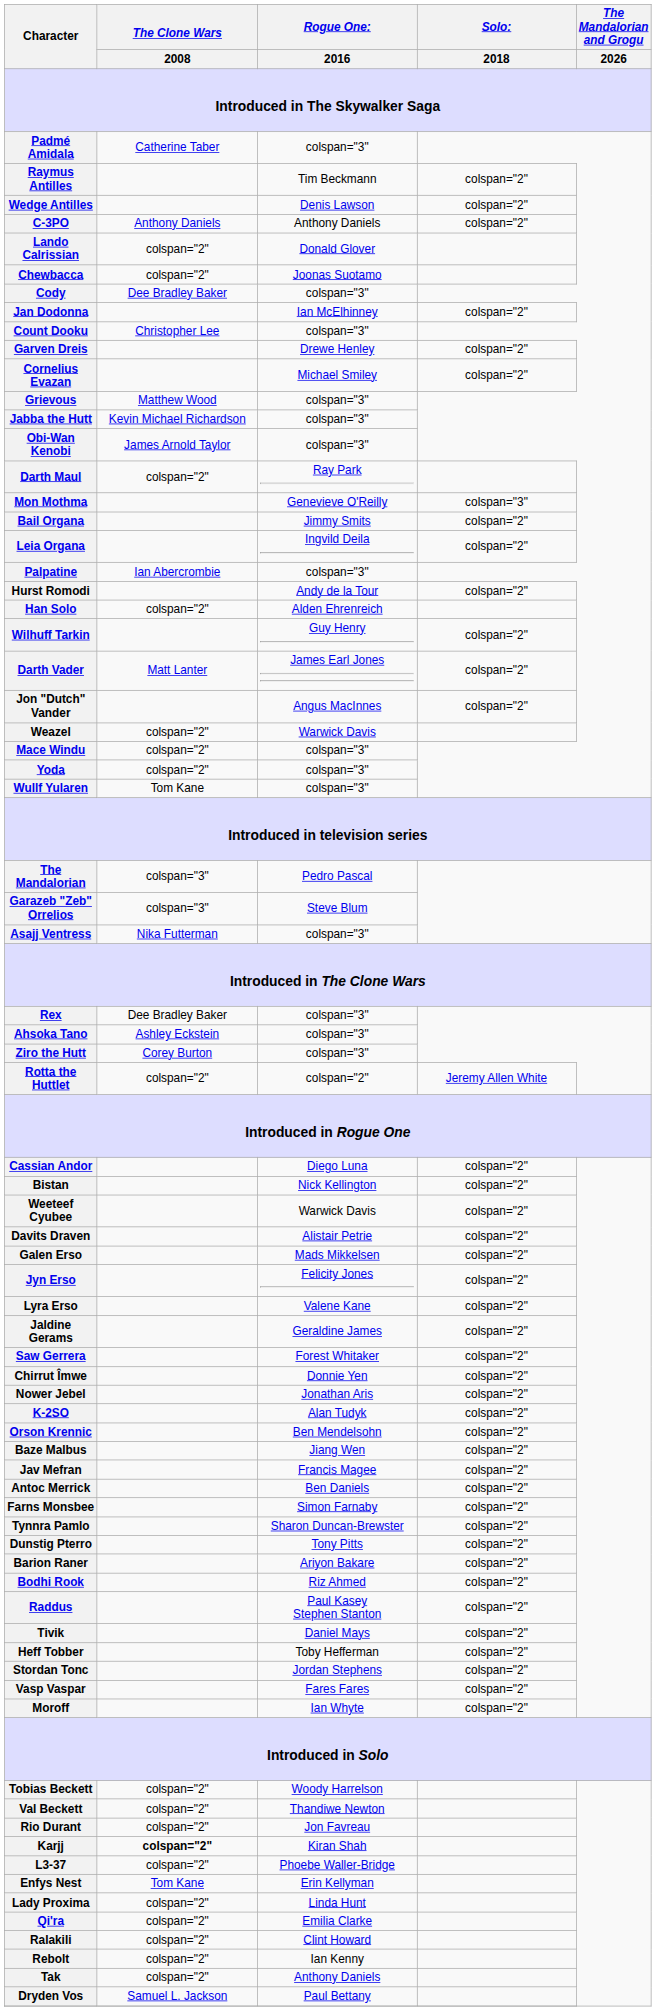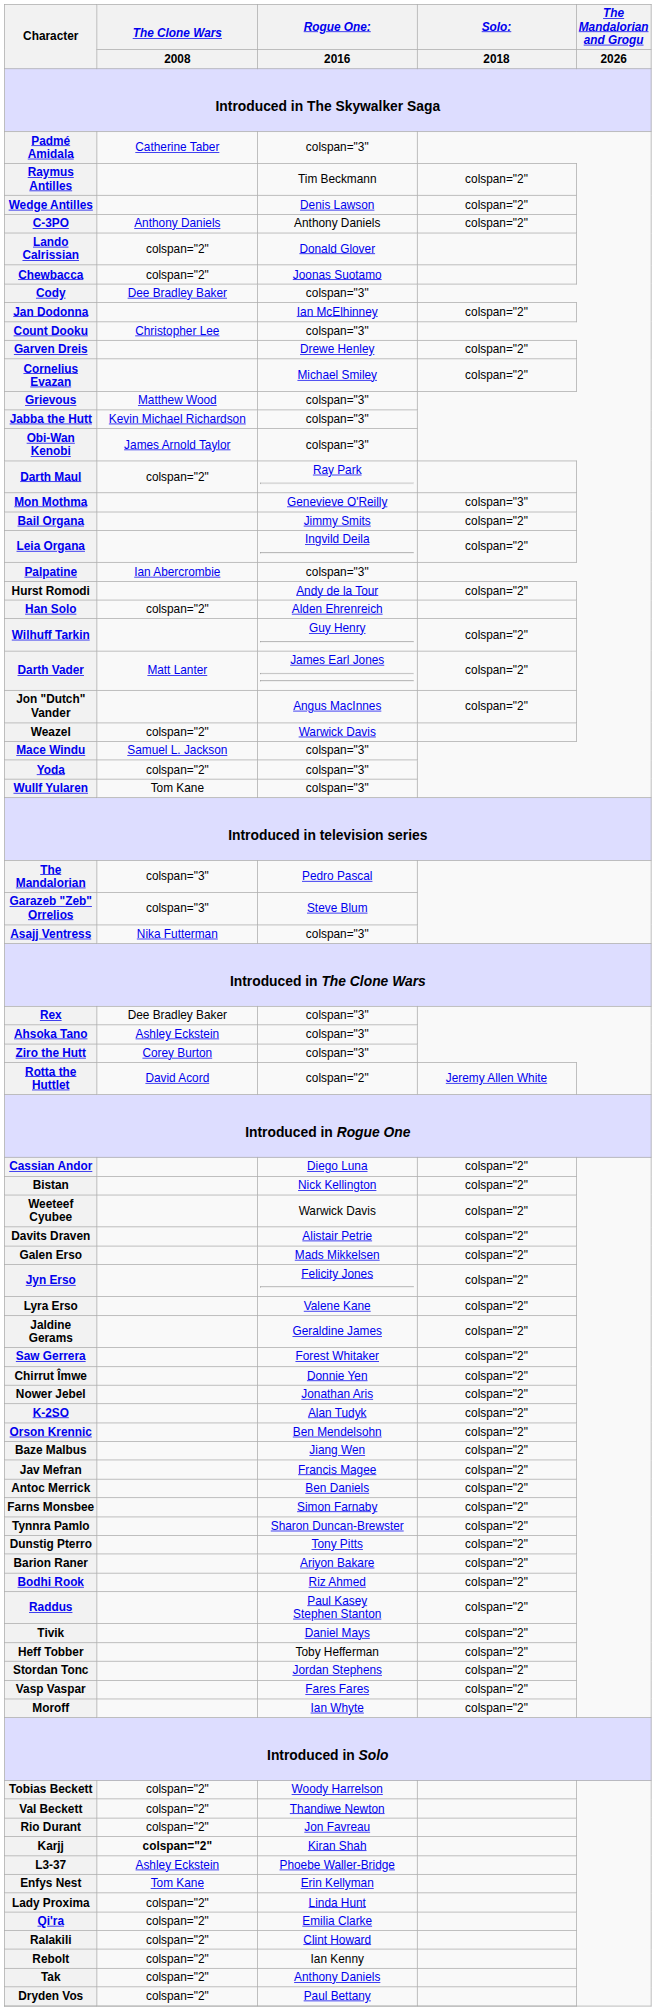 <table class="wikitable" style="text-align:center; width:99%;">
 <tr>
 <th rowspan="2" style="width:15%;">Character</th>
 <th style="width:28%;"><em><a href='#'><br>The Clone Wars</a></em></th>
 <th style="width:28%;"><em><a href='#'>Rogue One:<br></a></em></th>
 <th style="width:28%;"><em><a href='#'>Solo:<br></a></em></th>
 <th style="width:28%;"><em><a href='#'>The Mandalorian and Grogu</a></em></th>
 </tr>
 <tr>
 <th>2008</th>
 <th>2016</th>
 <th>2018</th>
 <th>2026</th>
 </tr>
 <tr>
 <th scope="row" colspan="5" style="background-color:#ddf;"><br><h3>Introduced in The Skywalker Saga</h3></th>
 </tr>
 <tr>
 <th scope="row"><a href='#'>Padmé Amidala</a></th>
 <td><a href='#'>Catherine Taber</a></td>
 <td>colspan="3" </td>
 </tr>
 <tr>
 <th scope="row"><a href='#'>Raymus Antilles</a></th>
 <td></td>
 <td>Tim Beckmann</td>
 <td>colspan="2" </td>
 </tr>
 <tr>
 <th scope="row"><a href='#'>Wedge Antilles</a></th>
 <td></td>
 <td><a href='#'>Denis Lawson</a></td>
 <td>colspan="2" </td>
 </tr>
 <tr>
 <th scope="row"><a href='#'>C-3PO</a> </th>
 <td><a href='#'>Anthony Daniels</a></td>
 <td>Anthony Daniels</td>
 <td>colspan="2" </td>
 </tr>
 <tr>
 <th scope="row"><a href='#'>Lando Calrissian</a></th>
 <td>colspan="2" </td>
 <td><a href='#'>Donald Glover</a></td>
 <td></td>
 </tr>
 <tr>
 <th scope="row"><a href='#'>Chewbacca</a></th>
 <td>colspan="2" </td>
 <td><a href='#'>Joonas Suotamo</a></td>
 <td></td>
 </tr>
 <tr>
 <th scope="row"><a href='#'>Cody</a></th>
 <td><a href='#'>Dee Bradley Baker</a></td>
 <td>colspan="3" </td>
 </tr>
 <tr>
 <th scope="row"><a href='#'>Jan Dodonna</a></th>
 <td></td>
 <td><a href='#'>Ian McElhinney</a></td>
 <td>colspan="2" </td>
 </tr>
 <tr>
 <th scope="row"><a href='#'>Count Dooku<br></a></th>
 <td><a href='#'>Christopher Lee</a></td>
 <td>colspan="3" </td>
 </tr>
 <tr>
 <th scope="row"><a href='#'>Garven Dreis</a></th>
 <td></td>
 <td><a href='#'>Drewe Henley</a></td>
 <td>colspan="2" </td>
 </tr>
 <tr>
 <th scope="row"><a href='#'>Cornelius Evazan</a></th>
 <td></td>
 <td><a href='#'>Michael Smiley</a></td>
 <td>colspan="2" </td>
 </tr>
 <tr>
 <th scope="row"><a href='#'>Grievous</a></th>
 <td><a href='#'>Matthew Wood</a></td>
 <td>colspan="3" </td>
 </tr>
 <tr>
 <th scope="row"><a href='#'>Jabba the Hutt</a></th>
 <td><a href='#'>Kevin Michael Richardson</a></td>
 <td>colspan="3" </td>
 </tr>
 <tr>
 <th scope="row"><a href='#'>Obi-Wan Kenobi</a></th>
 <td><a href='#'>James Arnold Taylor</a></td>
 <td>colspan="3" </td>
 </tr>
 <tr>
 <th scope="row"><a href='#'>Darth Maul</a></th>
 <td>colspan="2" </td>
 <td><a href='#'>Ray Park</a><hr></td>
 <td></td>
 </tr>
 <tr>
 <th scope="row"><a href='#'>Mon Mothma</a></th>
 <td></td>
 <td><a href='#'>Genevieve O'Reilly</a></td>
 <td>colspan="3" </td>
 </tr>
 <tr>
 <th scope="row"><a href='#'>Bail Organa</a></th>
 <td></td>
 <td><a href='#'>Jimmy Smits</a></td>
 <td>colspan="2" </td>
 </tr>
 <tr>
 <th scope="row"><a href='#'>Leia Organa</a> </th>
 <td></td>
 <td><a href='#'>Ingvild Deila</a><hr></td>
 <td>colspan="2" </td>
 </tr>
 <tr>
 <th scope="row"><a href='#'>Palpatine<br></a></th>
 <td><a href='#'>Ian Abercrombie</a></td>
 <td>colspan="3" </td>
 </tr>
 <tr>
 <th scope="row">Hurst Romodi</th>
 <td></td>
 <td><a href='#'>Andy de la Tour</a></td>
 <td>colspan="2" </td>
 </tr>
 <tr>
 <th scope="row"><a href='#'>Han Solo</a> </th>
 <td>colspan="2" </td>
 <td><a href='#'>Alden Ehrenreich</a></td>
 <td></td>
 </tr>
 <tr>
 <th scope="row"><a href='#'>Wilhuff Tarkin</a></th>
 <td></td>
 <td><a href='#'>Guy Henry</a><hr></td>
 <td>colspan="2" </td>
 </tr>
 <tr>
 <th scope="row"><a href='#'>Darth Vader<br></a></th>
 <td><a href='#'>Matt Lanter</a></td>
 <td><a href='#'>James Earl Jones</a><hr><hr></td>
 <td>colspan="2" </td>
 </tr>
 <tr>
 <th scope="row">Jon "Dutch" Vander</th>
 <td></td>
 <td><a href='#'>Angus MacInnes</a></td>
 <td>colspan="2" </td>
 </tr>
 <tr>
 <th scope="row">Weazel</th>
 <td>colspan="2" </td>
 <td><a href='#'>Warwick Davis</a></td>
 <td></td>
 </tr>
 <tr>
 <th scope="row"><a href='#'>Mace Windu</a></th>
-<td>colspan="2" </td>
+<td><a href='#'>Samuel L. Jackson</a></td>
 <td>colspan="3" </td>
 </tr>
 <tr>
 <th scope="row"><a href='#'>Yoda</a></th>
 <td>colspan="2" </td>
 <td>colspan="3" </td>
 </tr>
 <tr>
 <th scope="row"><a href='#'>Wullf Yularen</a></th>
 <td>Tom Kane</td>
 <td>colspan="3" </td>
 </tr>
 <tr>
 <th scope="row" colspan="5" style="background-color:#ddf;"><br><h3>Introduced in television series</h3></th>
 </tr>
 <tr>
 <th scope="row"><a href='#'>The Mandalorian<br></a></th>
 <td>colspan="3" </td>
 <td><a href='#'>Pedro Pascal</a></td>
 </tr>
 <tr>
 <th scope="row"><a href='#'>Garazeb "Zeb" Orrelios</a></th>
 <td>colspan="3" </td>
 <td><a href='#'>Steve Blum</a></td>
 </tr>
 <tr>
 <th scope="row"><a href='#'>Asajj Ventress</a></th>
 <td><a href='#'>Nika Futterman</a></td>
 <td>colspan="3" </td>
 </tr>
 <tr>
 <th colspan="5" scope="row" style="background-color:#ddf;"><br><h3>Introduced in <em>The Clone Wars</em></h3></th>
 </tr>
 <tr>
 <th scope="row"><a href='#'>Rex</a></th>
 <td>Dee Bradley Baker</td>
 <td>colspan="3" </td>
 </tr>
 <tr>
 <th scope="row"><a href='#'>Ahsoka Tano</a></th>
 <td><a href='#'>Ashley Eckstein</a></td>
 <td>colspan="3" </td>
 </tr>
 <tr>
 <th scope="row"><a href='#'>Ziro the Hutt</a></th>
 <td><a href='#'>Corey Burton</a></td>
 <td>colspan="3" </td>
 </tr>
 <tr>
 <th scope="row"><a href='#'>Rotta the Huttlet</a></th>
-<td>colspan="2" </td>
+<td><a href='#'>David Acord</a></td>
 <td>colspan="2" </td>
 <td><a href='#'>Jeremy Allen White</a></td>
 </tr>
 <tr>
 <th colspan="5" scope="row" style="background-color:#ddf;"><br><h3>Introduced in <em>Rogue One</em></h3></th>
 </tr>
 <tr>
 <th scope="row"><a href='#'>Cassian Andor</a></th>
 <td></td>
 <td><a href='#'>Diego Luna</a></td>
 <td>colspan="2" </td>
 </tr>
 <tr>
 <th scope="row">Bistan<br></th>
 <td></td>
 <td><a href='#'>Nick Kellington</a></td>
 <td>colspan="2" </td>
 </tr>
 <tr>
 <th scope="row">Weeteef Cyubee</th>
 <td></td>
 <td>Warwick Davis</td>
 <td>colspan="2" </td>
 </tr>
 <tr>
 <th scope="row">Davits Draven</th>
 <td></td>
 <td><a href='#'>Alistair Petrie</a></td>
 <td>colspan="2" </td>
 </tr>
 <tr>
 <th scope="row">Galen Erso</th>
 <td></td>
 <td><a href='#'>Mads Mikkelsen</a></td>
 <td>colspan="2" </td>
 </tr>
 <tr>
 <th scope="row"><a href='#'>Jyn Erso</a></th>
 <td></td>
 <td><a href='#'>Felicity Jones</a><hr></td>
 <td>colspan="2" </td>
 </tr>
 <tr>
 <th scope="row">Lyra Erso</th>
 <td></td>
 <td><a href='#'>Valene Kane</a></td>
 <td>colspan="2" </td>
 </tr>
 <tr>
 <th scope="row">Jaldine Gerams</th>
 <td></td>
 <td><a href='#'>Geraldine James</a></td>
 <td>colspan="2" </td>
 </tr>
 <tr>
 <th scope="row"><a href='#'>Saw Gerrera</a></th>
 <td></td>
 <td><a href='#'>Forest Whitaker</a></td>
 <td>colspan="2" </td>
 </tr>
 <tr>
 <th scope="row">Chirrut Îmwe</th>
 <td></td>
 <td><a href='#'>Donnie Yen</a></td>
 <td>colspan="2" </td>
 </tr>
 <tr>
 <th scope="row">Nower Jebel</th>
 <td></td>
 <td><a href='#'>Jonathan Aris</a></td>
 <td>colspan="2" </td>
 </tr>
 <tr>
 <th scope="row"><a href='#'>K-2SO</a></th>
 <td></td>
 <td><a href='#'>Alan Tudyk</a></td>
 <td>colspan="2" </td>
 </tr>
 <tr>
 <th scope="row"><a href='#'>Orson Krennic</a></th>
 <td></td>
 <td><a href='#'>Ben Mendelsohn</a></td>
 <td>colspan="2" </td>
 </tr>
 <tr>
 <th scope="row">Baze Malbus</th>
 <td></td>
 <td><a href='#'>Jiang Wen</a></td>
 <td>colspan="2" </td>
 </tr>
 <tr>
 <th scope="row">Jav Mefran</th>
 <td></td>
 <td><a href='#'>Francis Magee</a></td>
 <td>colspan="2" </td>
 </tr>
 <tr>
 <th scope="row">Antoc Merrick</th>
 <td></td>
 <td><a href='#'>Ben Daniels</a></td>
 <td>colspan="2" </td>
 </tr>
 <tr>
 <th scope="row">Farns Monsbee</th>
 <td></td>
 <td><a href='#'>Simon Farnaby</a></td>
 <td>colspan="2" </td>
 </tr>
 <tr>
 <th scope="row">Tynnra Pamlo</th>
 <td></td>
 <td><a href='#'>Sharon Duncan-Brewster</a></td>
 <td>colspan="2" </td>
 </tr>
 <tr>
 <th scope="row">Dunstig Pterro</th>
 <td></td>
 <td><a href='#'>Tony Pitts</a></td>
 <td>colspan="2" </td>
 </tr>
 <tr>
 <th scope="row">Barion Raner</th>
 <td></td>
 <td><a href='#'>Ariyon Bakare</a></td>
 <td>colspan="2" </td>
 </tr>
 <tr>
 <th scope="row"><a href='#'>Bodhi Rook</a></th>
 <td></td>
 <td><a href='#'>Riz Ahmed</a></td>
 <td>colspan="2" </td>
 </tr>
 <tr>
 <th scope="row"><a href='#'>Raddus</a></th>
 <td></td>
 <td><a href='#'>Paul Kasey</a><br><a href='#'>Stephen Stanton</a></td>
 <td>colspan="2" </td>
 </tr>
 <tr>
 <th scope="row">Tivik</th>
 <td></td>
 <td><a href='#'>Daniel Mays</a></td>
 <td>colspan="2" </td>
 </tr>
 <tr>
 <th scope="row">Heff Tobber</th>
 <td></td>
 <td>Toby Hefferman</td>
 <td>colspan="2" </td>
 </tr>
 <tr>
 <th scope="row">Stordan Tonc</th>
 <td></td>
 <td><a href='#'>Jordan Stephens</a></td>
 <td>colspan="2" </td>
 </tr>
 <tr>
 <th scope="row">Vasp Vaspar</th>
 <td></td>
 <td><a href='#'>Fares Fares</a></td>
 <td>colspan="2" </td>
 </tr>
 <tr>
 <th scope="row">Moroff</th>
 <td></td>
 <td><a href='#'>Ian Whyte</a></td>
 <td>colspan="2" </td>
 </tr>
 <tr>
 <th scope="row" colspan="5" style="background-color:#ddf;"><br><h3>Introduced in <em>Solo</em></h3></th>
 </tr>
 <tr>
 <th scope="row">Tobias Beckett</th>
 <td>colspan="2" </td>
 <td><a href='#'>Woody Harrelson</a></td>
 <td></td>
 </tr>
 <tr>
 <th scope="row">Val Beckett</th>
 <td>colspan="2" </td>
 <td><a href='#'>Thandiwe Newton</a></td>
 <td></td>
 </tr>
 <tr>
 <th scope="row">Rio Durant</th>
 <td>colspan="2" </td>
 <td><a href='#'>Jon Favreau</a></td>
 <td></td>
 </tr>
 <tr>
 <th scope="row">Karjj</th>
 <td><strong>colspan="2" </strong></td>
 <td><a href='#'>Kiran Shah</a></td>
 <td></td>
 </tr>
 <tr>
 <th scope="row">L3-37</th>
-<td>colspan="2" </td>
+<td><a href='#'>Ashley Eckstein</a></td>
 <td><a href='#'>Phoebe Waller-Bridge</a></td>
 <td></td>
 </tr>
 <tr>
 <th scope="row">Enfys Nest</th>
 <td><a href='#'>Tom Kane</a></td>
 <td><a href='#'>Erin Kellyman</a></td>
 <td></td>
 </tr>
 <tr>
 <th scope="row">Lady Proxima</th>
 <td>colspan="2" </td>
 <td><a href='#'>Linda Hunt</a></td>
 <td></td>
 </tr>
 <tr>
 <th scope="row"><a href='#'>Qi'ra</a></th>
 <td>colspan="2" </td>
 <td><a href='#'>Emilia Clarke</a></td>
 <td></td>
 </tr>
 <tr>
 <th scope="row">Ralakili</th>
 <td>colspan="2" </td>
 <td><a href='#'>Clint Howard</a></td>
 <td></td>
 </tr>
 <tr>
 <th scope="row">Rebolt</th>
 <td>colspan="2" </td>
 <td>Ian Kenny</td>
 <td></td>
 </tr>
 <tr>
 <th scope="row">Tak</th>
 <td>colspan="2" </td>
 <td><a href='#'>Anthony Daniels</a></td>
 <td></td>
 </tr>
 <tr>
 <th scope="row">Dryden Vos</th>
-<td><a href='#'>Samuel L. Jackson</a></td>
+<td>colspan="2" </td>
 <td><a href='#'>Paul Bettany</a></td>
 <td></td>
 </tr>
 <tr>
 </tr>
 </table>
